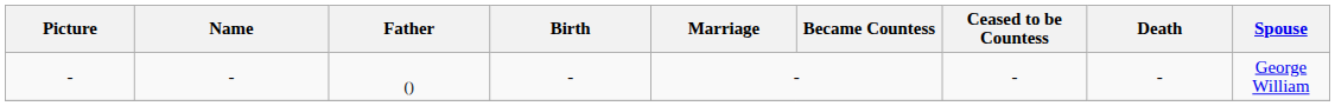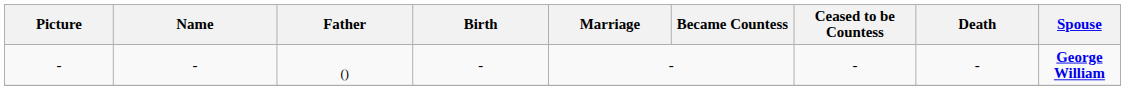 <table width=95% class="wikitable">
 <tr>
 <th width = "8%">Picture</th>
 <th width = "12%">Name</th>
 <th width = "10%">Father</th>
 <th width = "10%">Birth</th>
 <th width = "9%">Marriage</th>
 <th width = "9%">Became Countess</th>
 <th width = "9%">Ceased to be Countess</th>
 <th width = "9%">Death</th>
 <th width = "6%"><a href='#'>Spouse</a></th>
 </tr>
 <tr>
 <td align="center">-</td>
 <td align="center">-</td>
 <td align="center"><small><br>()</small></td>
 <td align="center">-</td>
 <td align="center" colspan="2">-</td>
 <td align="center">-</td>
 <td align="center">-</td>
-<td align="center"><a href='#'>George William</a></td>
+<td align="center"><strong><a href='#'>George William</a></strong></td>
 </tr>
 <tr>
 </tr>
 </table>
